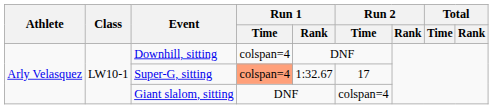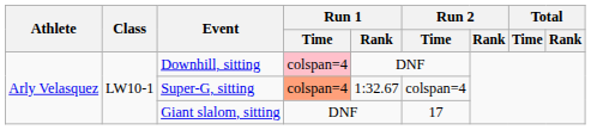 <table class=wikitable style="font-size:90%">
 <tr>
 <th rowspan=2>Athlete</th>
 <th rowspan=2>Class</th>
 <th rowspan=2>Event</th>
 <th colspan=2>Run 1</th>
 <th colspan=2>Run 2</th>
 <th colspan=2>Total</th>
 </tr>
 <tr style="font-size:95%">
 <th>Time</th>
 <th>Rank</th>
 <th>Time</th>
 <th>Rank</th>
 <th>Time</th>
 <th>Rank</th>
 </tr>
 <tr>
 <td rowspan=4><a href='#'>Arly Velasquez</a></td>
 <td rowspan=4>LW10-1</td>
 <td><a href='#'>Downhill, sitting</a></td>
-<td>colspan=4 </td>
+<td style="background: pink;">colspan=4 </td>
 <td colspan=2 align="center">DNF</td>
 </tr>
 <tr>
 <td><a href='#'>Super-G, sitting</a></td>
 <td style="background: lightsalmon;">colspan=4 </td>
 <td align=center>1:32.67</td>
-<td align=center>17</td>
+<td>colspan=4 </td>
 </tr>
 <tr>
 <td><a href='#'>Giant slalom, sitting</a></td>
 <td colspan=2 align="center">DNF</td>
-<td>colspan=4 </td>
+<td align=center>17</td>
 </tr>
 </table>
